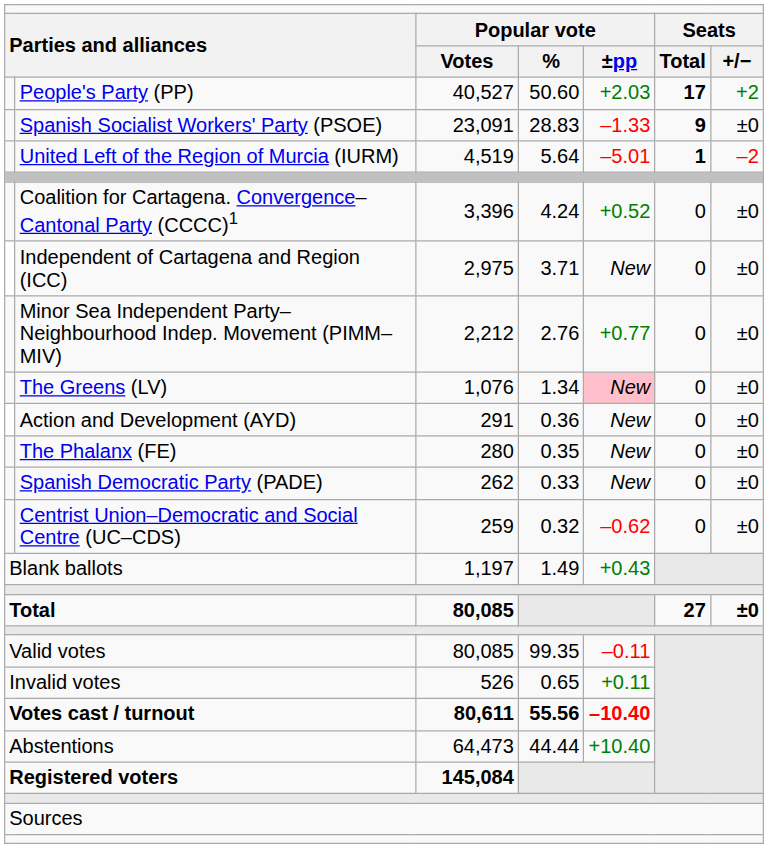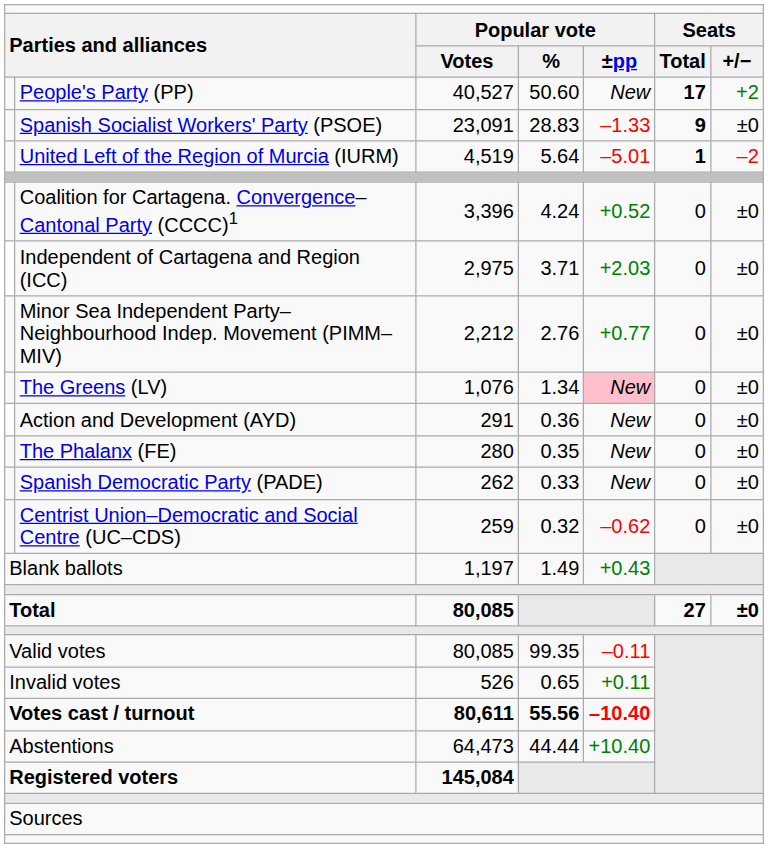 <table class="wikitable" style="text-align:right;">
 <tr>
 <td colspan="7"></td>
 </tr>
 <tr>
 <th style="text-align:left;" rowspan="2" colspan="2" width="525">Parties and alliances</th>
 <th colspan="3">Popular vote</th>
 <th colspan="2">Seats</th>
 </tr>
 <tr>
 <th width="75">Votes</th>
 <th width="45">%</th>
 <th width="45">±<a href='#'>pp</a></th>
 <th width="35">Total</th>
 <th width="35">+/−</th>
 </tr>
 <tr>
 <td width="1" style="color:inherit;background:"></td>
 <td align="left"><a href='#'>People's Party</a> (PP)</td>
 <td>40,527</td>
 <td>50.60</td>
-<td style="color:green;">+2.03</td>
+<td><em>New</em></td>
 <td><strong>17</strong></td>
 <td style="color:green;">+2</td>
 </tr>
 <tr>
 <td style="color:inherit;background:"></td>
 <td align="left"><a href='#'>Spanish Socialist Workers' Party</a> (PSOE)</td>
 <td>23,091</td>
 <td>28.83</td>
 <td style="color:red;">–1.33</td>
 <td><strong>9</strong></td>
 <td>±0</td>
 </tr>
 <tr>
 <td style="color:inherit;background:"></td>
 <td align="left"><a href='#'>United Left of the Region of Murcia</a> (IURM)</td>
 <td>4,519</td>
 <td>5.64</td>
 <td style="color:red;">–5.01</td>
 <td><strong>1</strong></td>
 <td style="color:red;">–2</td>
 </tr>
 <tr>
 <td colspan="7" bgcolor="#C0C0C0"></td>
 </tr>
 <tr>
 <td style="color:inherit;background:"></td>
 <td align="left">Coalition for Cartagena. <a href='#'>Convergence</a>–<a href='#'>Cantonal Party</a> (CCCC)<sup>1</sup></td>
 <td>3,396</td>
 <td>4.24</td>
 <td style="color:green;">+0.52</td>
 <td>0</td>
 <td>±0</td>
 </tr>
 <tr>
 <td bgcolor="white"></td>
 <td align="left">Independent of Cartagena and Region (ICC)</td>
 <td>2,975</td>
 <td>3.71</td>
-<td><em>New</em></td>
+<td style="color:green;">+2.03</td>
 <td>0</td>
 <td>±0</td>
 </tr>
 <tr>
 <td style="color:inherit;background:"></td>
 <td align="left">Minor Sea Independent Party–Neighbourhood Indep. Movement (PIMM–MIV)</td>
 <td>2,212</td>
 <td>2.76</td>
 <td style="color:green;">+0.77</td>
 <td>0</td>
 <td>±0</td>
 </tr>
 <tr>
 <td style="color:inherit;background:"></td>
 <td align="left"><a href='#'>The Greens</a> (LV)</td>
 <td>1,076</td>
 <td>1.34</td>
 <td style="background: pink;"><em>New</em></td>
 <td>0</td>
 <td>±0</td>
 </tr>
 <tr>
 <td bgcolor="white"></td>
 <td align="left">Action and Development (AYD)</td>
 <td>291</td>
 <td>0.36</td>
 <td><em>New</em></td>
 <td>0</td>
 <td>±0</td>
 </tr>
 <tr>
 <td style="color:inherit;background:"></td>
 <td align="left"><a href='#'>The Phalanx</a> (FE)</td>
 <td>280</td>
 <td>0.35</td>
 <td><em>New</em></td>
 <td>0</td>
 <td>±0</td>
 </tr>
 <tr>
 <td style="color:inherit;background:"></td>
 <td align="left"><a href='#'>Spanish Democratic Party</a> (PADE)</td>
 <td>262</td>
 <td>0.33</td>
 <td><em>New</em></td>
 <td>0</td>
 <td>±0</td>
 </tr>
 <tr>
 <td style="color:inherit;background:"></td>
 <td align="left"><a href='#'>Centrist Union–Democratic and Social Centre</a> (UC–CDS)</td>
 <td>259</td>
 <td>0.32</td>
 <td style="color:red;">–0.62</td>
 <td>0</td>
 <td>±0</td>
 </tr>
 <tr>
 <td align="left" colspan="2">Blank ballots</td>
 <td>1,197</td>
 <td>1.49</td>
 <td style="color:green;">+0.43</td>
 <td bgcolor="#E9E9E9" colspan="2"></td>
 </tr>
 <tr>
 <td colspan="7" bgcolor="#E9E9E9"></td>
 </tr>
 <tr style="font-weight:bold;">
 <td align="left" colspan="2">Total</td>
 <td>80,085</td>
 <td bgcolor="#E9E9E9" colspan="2"></td>
 <td>27</td>
 <td>±0</td>
 </tr>
 <tr>
 <td colspan="7" bgcolor="#E9E9E9"></td>
 </tr>
 <tr>
 <td align="left" colspan="2">Valid votes</td>
 <td>80,085</td>
 <td>99.35</td>
 <td style="color:red;">–0.11</td>
 <td bgcolor="#E9E9E9" colspan="2" rowspan="5"></td>
 </tr>
 <tr>
 <td align="left" colspan="2">Invalid votes</td>
 <td>526</td>
 <td>0.65</td>
 <td style="color:green;">+0.11</td>
 </tr>
 <tr style="font-weight:bold;">
 <td align="left" colspan="2">Votes cast / turnout</td>
 <td>80,611</td>
 <td>55.56</td>
 <td style="color:red;">–10.40</td>
 </tr>
 <tr>
 <td align="left" colspan="2">Abstentions</td>
 <td>64,473</td>
 <td>44.44</td>
 <td style="color:green;">+10.40</td>
 </tr>
 <tr style="font-weight:bold;">
 <td align="left" colspan="2">Registered voters</td>
 <td>145,084</td>
 <td bgcolor="#E9E9E9" colspan="2"></td>
 </tr>
 <tr>
 <td colspan="7" bgcolor="#E9E9E9"></td>
 </tr>
 <tr>
 <td align="left" colspan="7">Sources</td>
 </tr>
 <tr>
 <td colspan="7" style="text-align:left; max-width:790px;"></td>
 </tr>
 </table>
